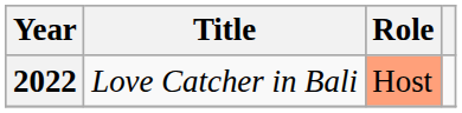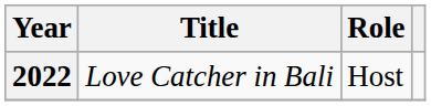 <table class="wikitable plainrowheaders">
 <tr>
 <th scope="col">Year</th>
 <th scope="col">Title</th>
 <th scope="col">Role</th>
 <th scope="col" class="unsortable"></th>
 </tr>
 <tr>
 <th scope="row">2022</th>
 <td><em>Love Catcher in Bali</em></td>
-<td style="background: lightsalmon;">Host</td>
+<td>Host</td>
 <td></td>
 </tr>
 <tr>
 </tr>
 </table>
